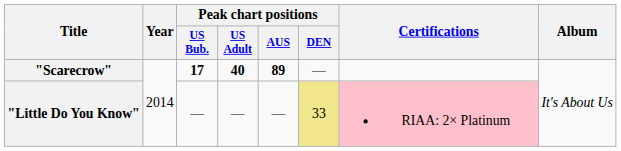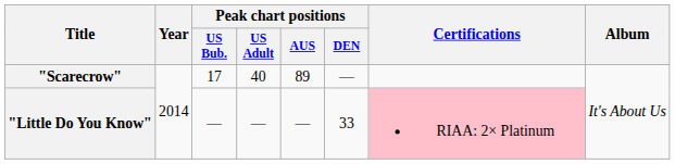 <table class="wikitable plainrowheaders" style="text-align:center;">
 <tr>
 <th scope="col" rowspan="2">Title</th>
 <th scope="col" rowspan="2">Year</th>
 <th scope="col" colspan="4">Peak chart positions</th>
 <th scope="col" rowspan="2" style="width:14em;"><a href='#'>Certifications</a></th>
 <th scope="col" rowspan="2">Album</th>
 </tr>
 <tr>
 <th scope="col" style="width:3em;font-size:85%;"><a href='#'>US<br>Bub.</a></th>
 <th scope="col" style="width:3em;font-size:85%;"><a href='#'>US<br>Adult</a><br></th>
 <th scope="col" style="width:3em;font-size:85%;"><a href='#'>AUS</a><br></th>
 <th scope="col" style="width:3em;font-size:85%;"><a href='#'>DEN</a><br></th>
 </tr>
 <tr>
 <th scope="row">"Scarecrow"</th>
 <td rowspan="2">2014</td>
-<td><strong>17</strong></td>
-<td><strong>40</strong></td>
-<td><strong>89</strong></td>
+<td>17</td>
+<td>40</td>
+<td>89</td>
 <td>—</td>
 <td></td>
 <td rowspan="2"><em>It's About Us</em></td>
 </tr>
 <tr>
 <th scope="row">"Little Do You Know"</th>
 <td>—</td>
 <td>—</td>
 <td>—</td>
-<td style="background: khaki;">33</td>
+<td>33</td>
 <td style="background: pink;"><br><ul><li>RIAA: 2× Platinum</li></ul></td>
 </tr>
 </table>
